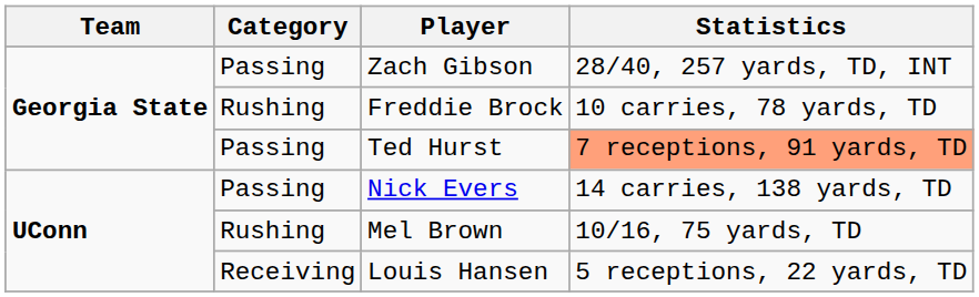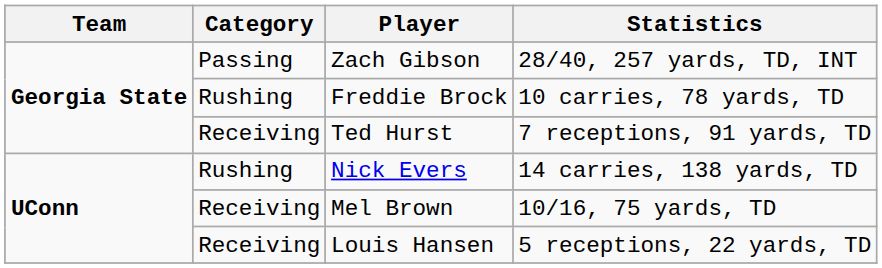 <table class="wikitable" style="float: right;">
 <tr>
 <th>Team</th>
 <th>Category</th>
 <th>Player</th>
 <th>Statistics</th>
 </tr>
 <tr>
 <td rowspan=3><strong>Georgia State</strong></td>
 <td>Passing</td>
 <td>Zach Gibson</td>
 <td>28/40, 257 yards, TD, INT</td>
 </tr>
 <tr>
 <td>Rushing</td>
 <td>Freddie Brock</td>
 <td>10 carries, 78 yards, TD</td>
 </tr>
 <tr>
-<td>Passing</td>
+<td>Receiving</td>
 <td>Ted Hurst</td>
-<td style="background: lightsalmon;">7 receptions, 91 yards, TD</td>
+<td>7 receptions, 91 yards, TD</td>
 </tr>
 <tr>
 <td rowspan=3><strong>UConn</strong></td>
-<td>Passing</td>
+<td>Rushing</td>
 <td><a href='#'>Nick Evers</a></td>
 <td>14 carries, 138 yards, TD</td>
 </tr>
 <tr>
-<td>Rushing</td>
+<td>Receiving</td>
 <td>Mel Brown</td>
 <td>10/16, 75 yards, TD</td>
 </tr>
 <tr>
 <td>Receiving</td>
 <td>Louis Hansen</td>
 <td>5 receptions, 22 yards, TD</td>
 </tr>
 </table>
